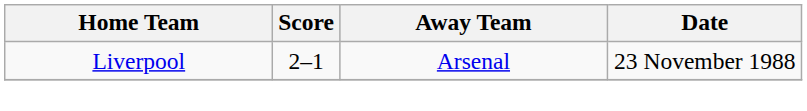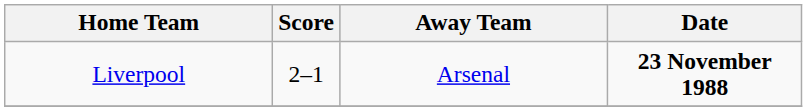 <table class="wikitable" style="text-align:center;">
 <tr>
 <th width=175>Home Team</th>
 <th width=20>Score</th>
 <th width=175>Away Team</th>
 <th width=125>Date</th>
 </tr>
 <tr>
 <td><a href='#'>Liverpool</a></td>
 <td>2–1</td>
 <td><a href='#'>Arsenal</a></td>
-<td>23 November 1988</td>
+<td><strong>23 November 1988</strong></td>
 </tr>
 <tr>
 </tr>
 </table>
